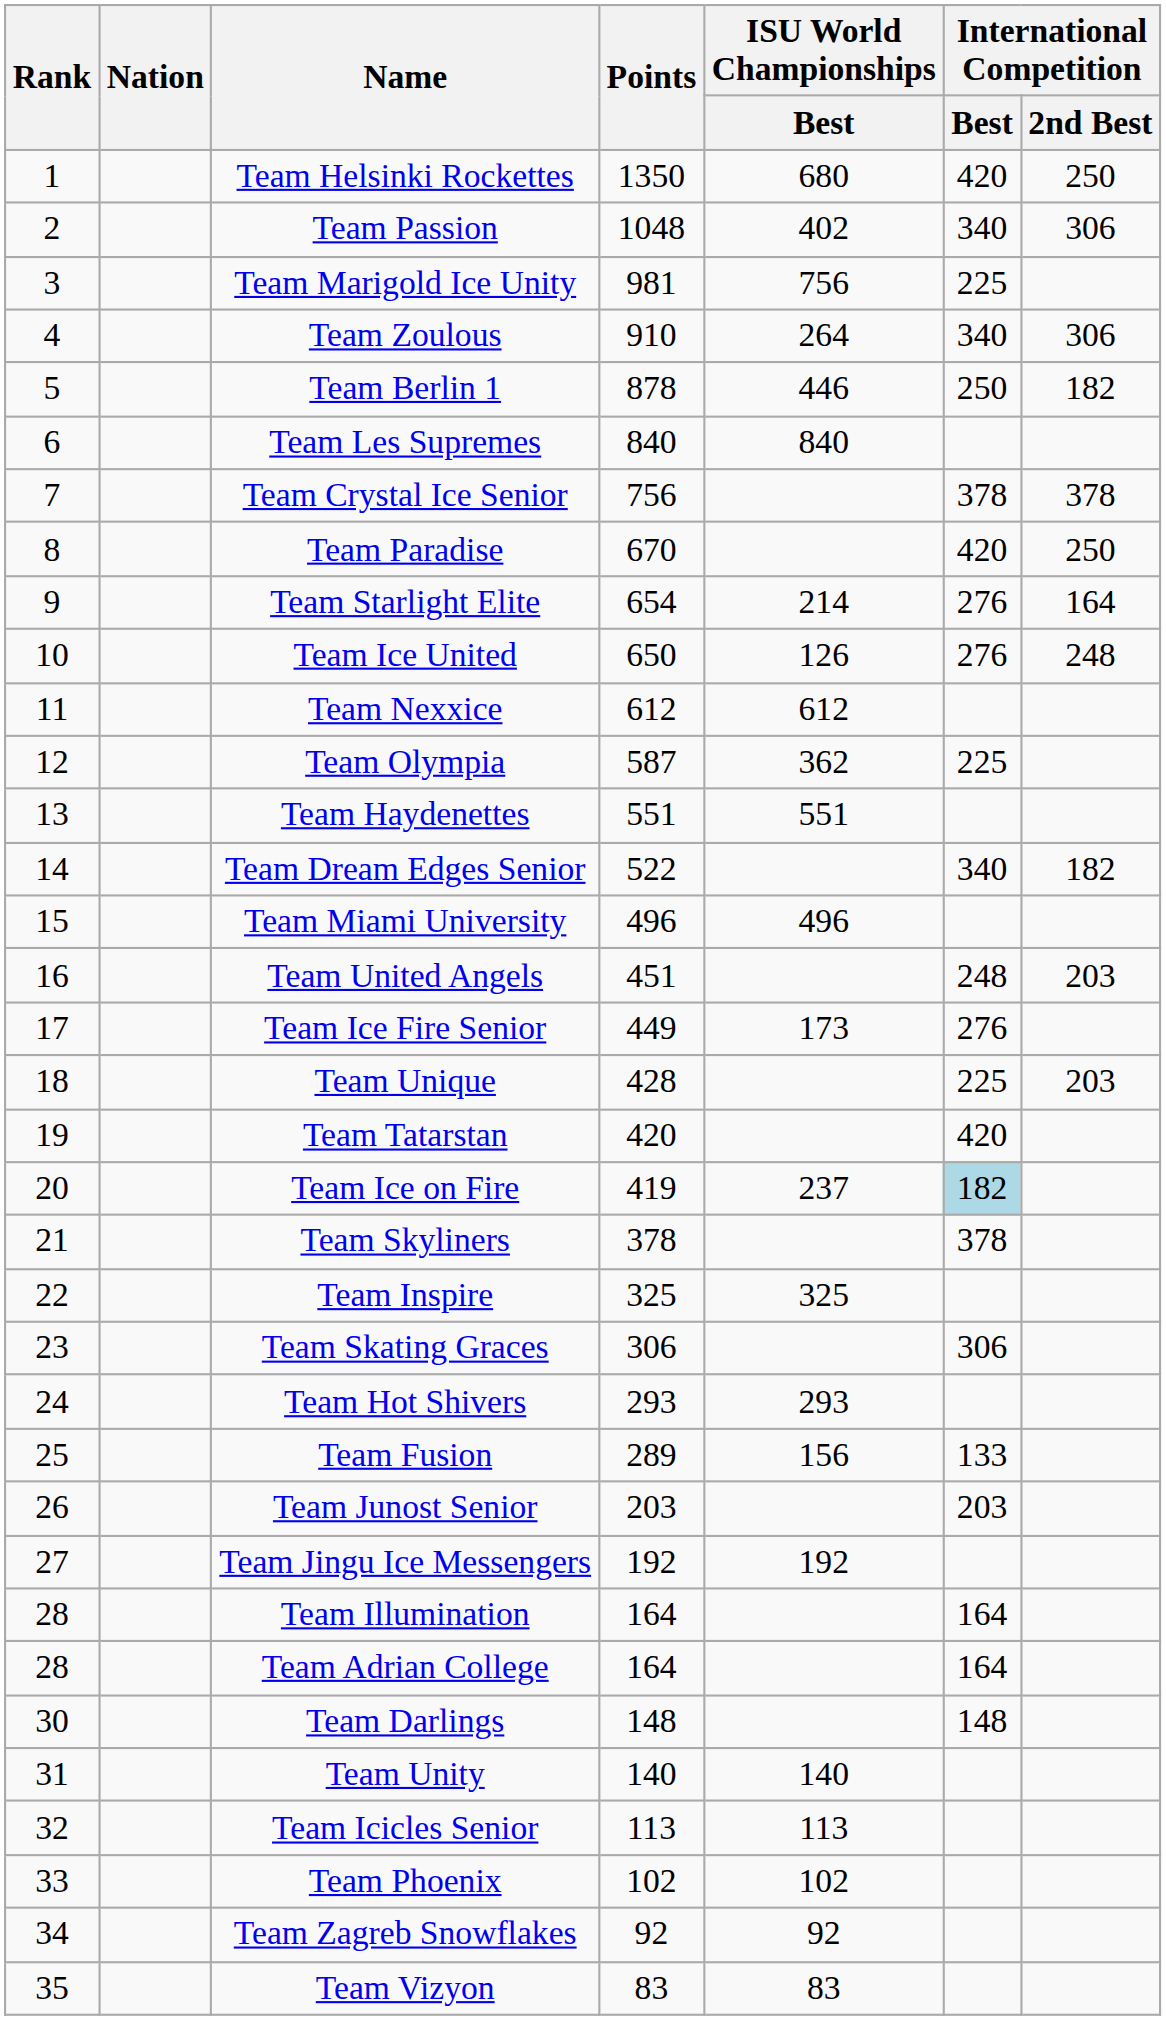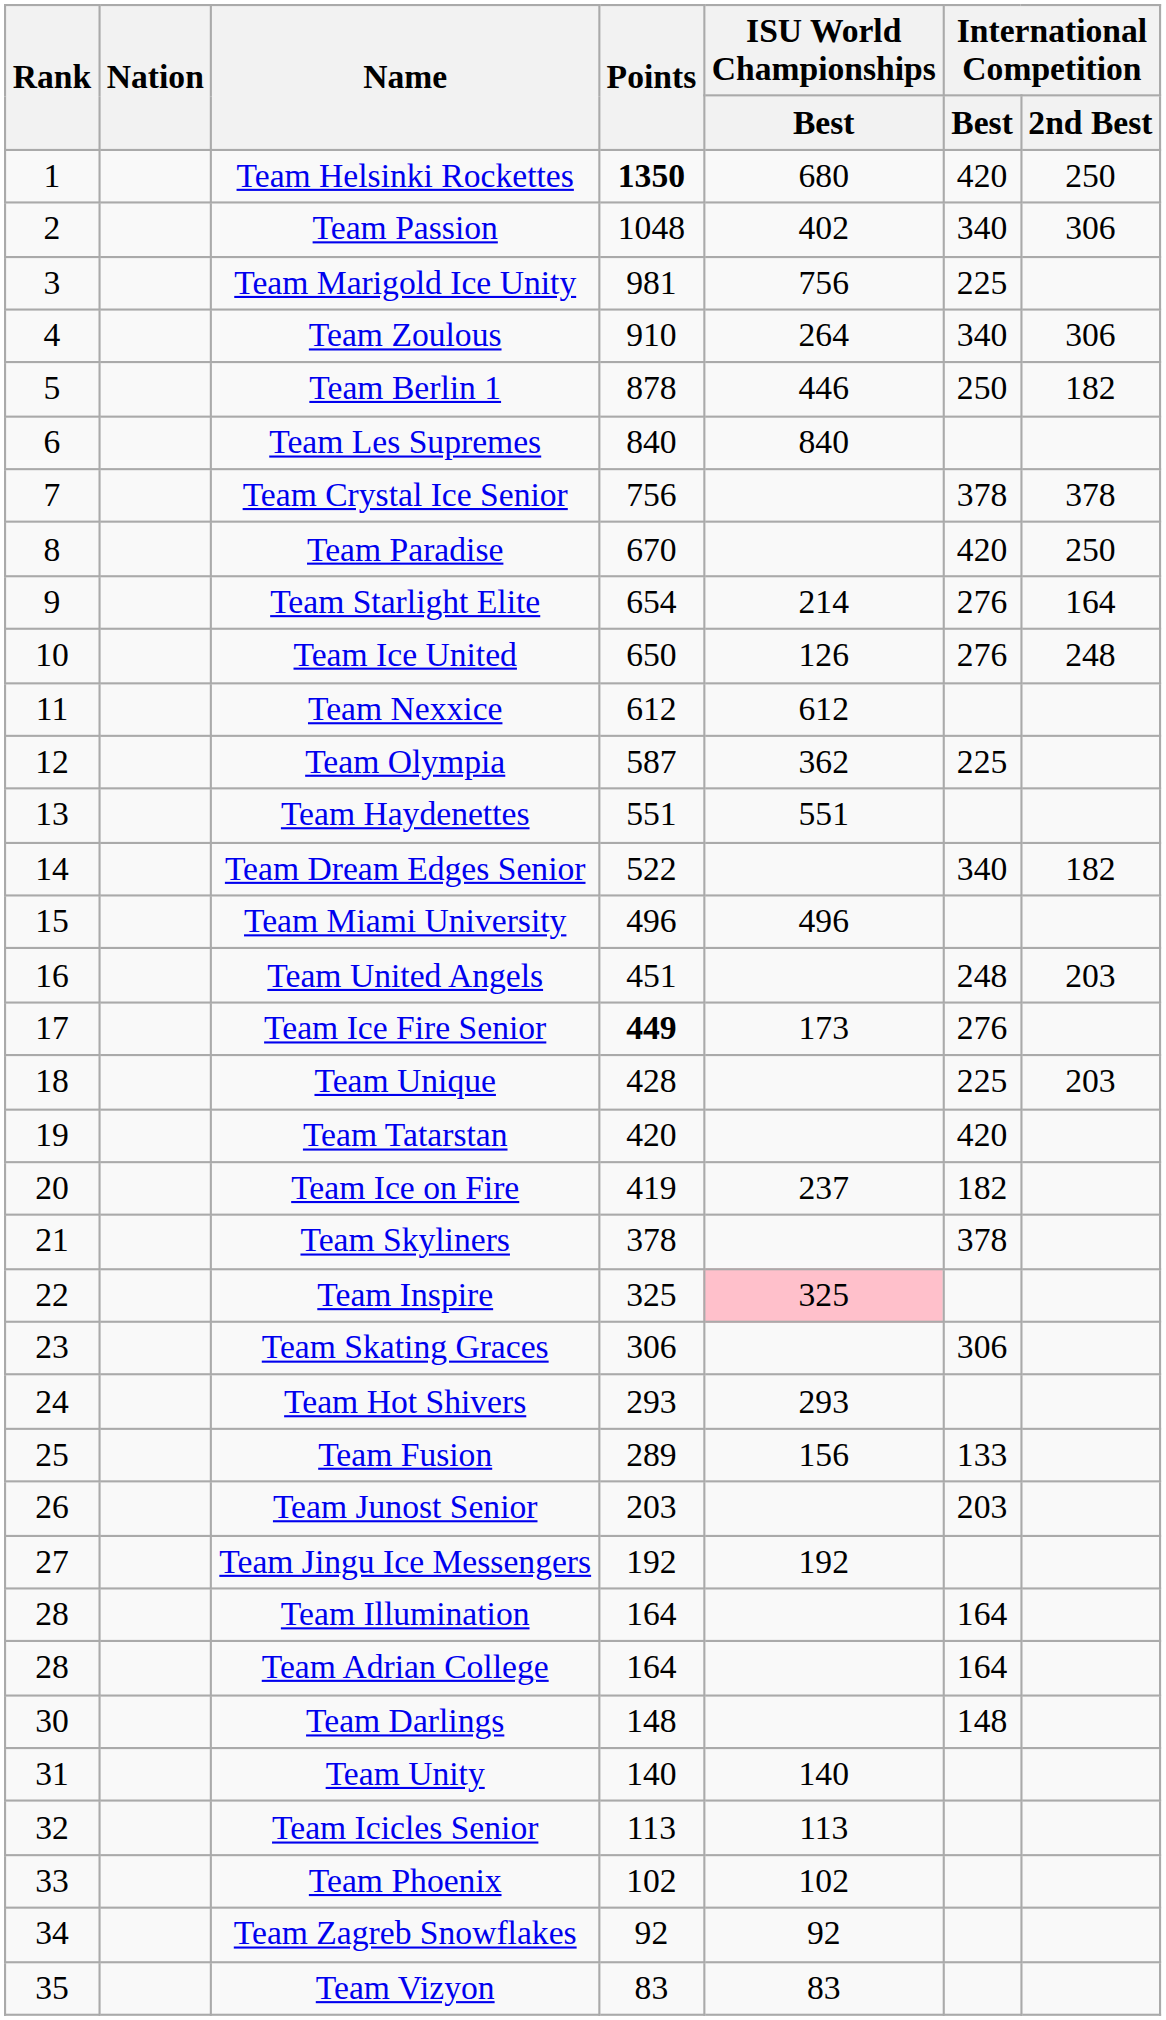 <table class="wikitable sortable" style="text-align: center;">
 <tr>
 <th rowspan="2">Rank</th>
 <th rowspan="2">Nation</th>
 <th rowspan="2">Name</th>
 <th rowspan="2">Points</th>
 <th>ISU World <br> Championships</th>
 <th colspan="2">International <br> Competition</th>
 </tr>
 <tr>
 <th>Best</th>
 <th>Best</th>
 <th>2nd Best</th>
 </tr>
 <tr>
 <td>1</td>
 <td></td>
 <td><a href='#'>Team Helsinki Rockettes</a></td>
-<td>1350</td>
+<td><strong>1350</strong></td>
 <td>680</td>
 <td>420</td>
 <td>250</td>
 </tr>
 <tr>
 <td>2</td>
 <td></td>
 <td><a href='#'>Team Passion</a></td>
 <td>1048</td>
 <td>402</td>
 <td>340</td>
 <td>306</td>
 </tr>
 <tr>
 <td>3</td>
 <td></td>
 <td><a href='#'>Team Marigold Ice Unity</a></td>
 <td>981</td>
 <td>756</td>
 <td>225</td>
 <td></td>
 </tr>
 <tr>
 <td>4</td>
 <td></td>
 <td><a href='#'>Team Zoulous</a></td>
 <td>910</td>
 <td>264</td>
 <td>340</td>
 <td>306</td>
 </tr>
 <tr>
 <td>5</td>
 <td></td>
 <td><a href='#'>Team Berlin 1</a></td>
 <td>878</td>
 <td>446</td>
 <td>250</td>
 <td>182</td>
 </tr>
 <tr>
 <td>6</td>
 <td></td>
 <td><a href='#'>Team Les Supremes</a></td>
 <td>840</td>
 <td>840</td>
 <td></td>
 <td></td>
 </tr>
 <tr>
 <td>7</td>
 <td></td>
 <td><a href='#'>Team Crystal Ice Senior</a></td>
 <td>756</td>
 <td></td>
 <td>378</td>
 <td>378</td>
 </tr>
 <tr>
 <td>8</td>
 <td></td>
 <td><a href='#'>Team Paradise</a></td>
 <td>670</td>
 <td></td>
 <td>420</td>
 <td>250</td>
 </tr>
 <tr>
 <td>9</td>
 <td></td>
 <td><a href='#'>Team Starlight Elite</a></td>
 <td>654</td>
 <td>214</td>
 <td>276</td>
 <td>164</td>
 </tr>
 <tr>
 <td>10</td>
 <td></td>
 <td><a href='#'>Team Ice United</a></td>
 <td>650</td>
 <td>126</td>
 <td>276</td>
 <td>248</td>
 </tr>
 <tr>
 <td>11</td>
 <td></td>
 <td><a href='#'>Team Nexxice</a></td>
 <td>612</td>
 <td>612</td>
 <td></td>
 <td></td>
 </tr>
 <tr>
 <td>12</td>
 <td></td>
 <td><a href='#'>Team Olympia</a></td>
 <td>587</td>
 <td>362</td>
 <td>225</td>
 <td></td>
 </tr>
 <tr>
 <td>13</td>
 <td></td>
 <td><a href='#'>Team Haydenettes</a></td>
 <td>551</td>
 <td>551</td>
 <td></td>
 <td></td>
 </tr>
 <tr>
 <td>14</td>
 <td></td>
 <td><a href='#'>Team Dream Edges Senior</a></td>
 <td>522</td>
 <td></td>
 <td>340</td>
 <td>182</td>
 </tr>
 <tr>
 <td>15</td>
 <td></td>
 <td><a href='#'>Team Miami University</a></td>
 <td>496</td>
 <td>496</td>
 <td></td>
 <td></td>
 </tr>
 <tr>
 <td>16</td>
 <td></td>
 <td><a href='#'>Team United Angels</a></td>
 <td>451</td>
 <td></td>
 <td>248</td>
 <td>203</td>
 </tr>
 <tr>
 <td>17</td>
 <td></td>
 <td><a href='#'>Team Ice Fire Senior</a></td>
-<td>449</td>
+<td><strong>449</strong></td>
 <td>173</td>
 <td>276</td>
 <td></td>
 </tr>
 <tr>
 <td>18</td>
 <td></td>
 <td><a href='#'>Team Unique</a></td>
 <td>428</td>
 <td></td>
 <td>225</td>
 <td>203</td>
 </tr>
 <tr>
 <td>19</td>
 <td></td>
 <td><a href='#'>Team Tatarstan</a></td>
 <td>420</td>
 <td></td>
 <td>420</td>
 <td></td>
 </tr>
 <tr>
 <td>20</td>
 <td></td>
 <td><a href='#'>Team Ice on Fire</a></td>
 <td>419</td>
 <td>237</td>
-<td style="background: lightblue;">182</td>
+<td>182</td>
 <td></td>
 </tr>
 <tr>
 <td>21</td>
 <td></td>
 <td><a href='#'>Team Skyliners</a></td>
 <td>378</td>
 <td></td>
 <td>378</td>
 <td></td>
 </tr>
 <tr>
 <td>22</td>
 <td></td>
 <td><a href='#'>Team Inspire</a></td>
 <td>325</td>
-<td>325</td>
+<td style="background: pink;">325</td>
 <td></td>
 <td></td>
 </tr>
 <tr>
 <td>23</td>
 <td></td>
 <td><a href='#'>Team Skating Graces</a></td>
 <td>306</td>
 <td></td>
 <td>306</td>
 <td></td>
 </tr>
 <tr>
 <td>24</td>
 <td></td>
 <td><a href='#'>Team Hot Shivers</a></td>
 <td>293</td>
 <td>293</td>
 <td></td>
 <td></td>
 </tr>
 <tr>
 <td>25</td>
 <td></td>
 <td><a href='#'>Team Fusion</a></td>
 <td>289</td>
 <td>156</td>
 <td>133</td>
 <td></td>
 </tr>
 <tr>
 <td>26</td>
 <td></td>
 <td><a href='#'>Team Junost Senior</a></td>
 <td>203</td>
 <td></td>
 <td>203</td>
 <td></td>
 </tr>
 <tr>
 <td>27</td>
 <td></td>
 <td><a href='#'>Team Jingu Ice Messengers</a></td>
 <td>192</td>
 <td>192</td>
 <td></td>
 <td></td>
 </tr>
 <tr>
 <td>28</td>
 <td></td>
 <td><a href='#'>Team Illumination</a></td>
 <td>164</td>
 <td></td>
 <td>164</td>
 <td></td>
 </tr>
 <tr>
 <td>28</td>
 <td></td>
 <td><a href='#'>Team Adrian College</a></td>
 <td>164</td>
 <td></td>
 <td>164</td>
 <td></td>
 </tr>
 <tr>
 <td>30</td>
 <td></td>
 <td><a href='#'>Team Darlings</a></td>
 <td>148</td>
 <td></td>
 <td>148</td>
 <td></td>
 </tr>
 <tr>
 <td>31</td>
 <td></td>
 <td><a href='#'>Team Unity</a></td>
 <td>140</td>
 <td>140</td>
 <td></td>
 <td></td>
 </tr>
 <tr>
 <td>32</td>
 <td></td>
 <td><a href='#'>Team Icicles Senior</a></td>
 <td>113</td>
 <td>113</td>
 <td></td>
 <td></td>
 </tr>
 <tr>
 <td>33</td>
 <td></td>
 <td><a href='#'>Team Phoenix</a></td>
 <td>102</td>
 <td>102</td>
 <td></td>
 <td></td>
 </tr>
 <tr>
 <td>34</td>
 <td></td>
 <td><a href='#'>Team Zagreb Snowflakes</a></td>
 <td>92</td>
 <td>92</td>
 <td></td>
 <td></td>
 </tr>
 <tr>
 <td>35</td>
 <td></td>
 <td><a href='#'>Team Vizyon</a></td>
 <td>83</td>
 <td>83</td>
 <td></td>
 <td></td>
 </tr>
 </table>
